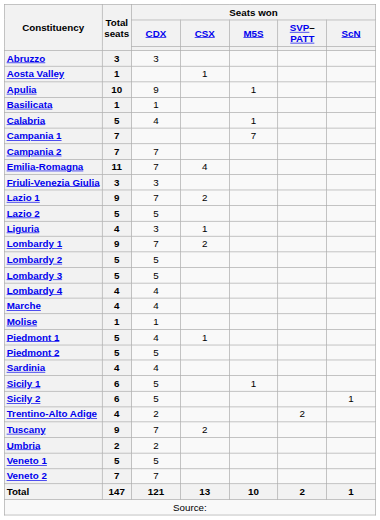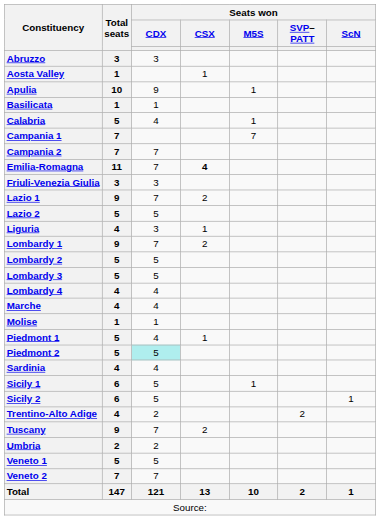 <table class="wikitable" style="text-align:center; font-size: 0.9em;">
 <tr>
 <th rowspan="3">Constituency</th>
 <th rowspan="3">Total<br>seats</th>
 <th colspan="5">Seats won</th>
 </tr>
 <tr>
 <th class="unsortable" style="width:65px;"><a href='#'>CDX</a></th>
 <th class="unsortable" style="width:65px;"><a href='#'>CSX</a></th>
 <th class="unsortable" style="width:65px;"><a href='#'>M5S</a></th>
 <th class="unsortable" style="width:65px;"><a href='#'>SVP</a>–<a href='#'>PATT</a></th>
 <th class="unsortable" style="width:65px;"><a href='#'>ScN</a></th>
 </tr>
 <tr>
 <th style="background:"></th>
 <th style="background:"></th>
 <th style="background:"></th>
 <th style="background:"></th>
 <th style="background:"></th>
 </tr>
 <tr>
 <th style="text-align: left;"><a href='#'>Abruzzo</a></th>
 <th>3</th>
 <td>3</td>
 <td></td>
 <td></td>
 <td></td>
 <td></td>
 </tr>
 <tr>
 <th style="text-align: left;"><a href='#'>Aosta Valley</a></th>
 <th>1</th>
 <td></td>
 <td>1</td>
 <td></td>
 <td></td>
 <td></td>
 </tr>
 <tr>
 <th style="text-align: left;"><a href='#'>Apulia</a></th>
 <th>10</th>
 <td>9</td>
 <td></td>
 <td>1</td>
 <td></td>
 <td></td>
 </tr>
 <tr>
 <th style="text-align: left;"><a href='#'>Basilicata</a></th>
 <th>1</th>
 <td>1</td>
 <td></td>
 <td></td>
 <td></td>
 <td></td>
 </tr>
 <tr>
 <th style="text-align: left;"><a href='#'>Calabria</a></th>
 <th>5</th>
 <td>4</td>
 <td></td>
 <td>1</td>
 <td></td>
 <td></td>
 </tr>
 <tr>
 <th style="text-align: left;"><a href='#'>Campania 1</a></th>
 <th>7</th>
 <td></td>
 <td></td>
 <td>7</td>
 <td></td>
 <td></td>
 </tr>
 <tr>
 <th style="text-align: left;"><a href='#'>Campania 2</a></th>
 <th>7</th>
 <td>7</td>
 <td></td>
 <td></td>
 <td></td>
 <td></td>
 </tr>
 <tr>
 <th style="text-align: left;"><a href='#'>Emilia-Romagna</a></th>
 <th>11</th>
 <td>7</td>
-<td>4</td>
+<td><strong>4</strong></td>
 <td></td>
 <td></td>
 <td></td>
 </tr>
 <tr>
 <th style="text-align: left;"><a href='#'>Friuli-Venezia Giulia</a></th>
 <th>3</th>
 <td>3</td>
 <td></td>
 <td></td>
 <td></td>
 <td></td>
 </tr>
 <tr>
 <th style="text-align: left;"><a href='#'>Lazio 1</a></th>
 <th>9</th>
 <td>7</td>
 <td>2</td>
 <td></td>
 <td></td>
 <td></td>
 </tr>
 <tr>
 <th style="text-align: left;"><a href='#'>Lazio 2</a></th>
 <th>5</th>
 <td>5</td>
 <td></td>
 <td></td>
 <td></td>
 <td></td>
 </tr>
 <tr>
 <th style="text-align: left;"><a href='#'>Liguria</a></th>
 <th>4</th>
 <td>3</td>
 <td>1</td>
 <td></td>
 <td></td>
 <td></td>
 </tr>
 <tr>
 <th style="text-align: left;"><a href='#'>Lombardy 1</a></th>
 <th>9</th>
 <td>7</td>
 <td>2</td>
 <td></td>
 <td></td>
 <td></td>
 </tr>
 <tr>
 <th style="text-align: left;"><a href='#'>Lombardy 2</a></th>
 <th>5</th>
 <td>5</td>
 <td></td>
 <td></td>
 <td></td>
 <td></td>
 </tr>
 <tr>
 <th style="text-align: left;"><a href='#'>Lombardy 3</a></th>
 <th>5</th>
 <td>5</td>
 <td></td>
 <td></td>
 <td></td>
 <td></td>
 </tr>
 <tr>
 <th style="text-align: left;"><a href='#'>Lombardy 4</a></th>
 <th>4</th>
 <td>4</td>
 <td></td>
 <td></td>
 <td></td>
 <td></td>
 </tr>
 <tr>
 <th style="text-align: left;"><a href='#'>Marche</a></th>
 <th>4</th>
 <td>4</td>
 <td></td>
 <td></td>
 <td></td>
 <td></td>
 </tr>
 <tr>
 <th style="text-align: left;"><a href='#'>Molise</a></th>
 <th>1</th>
 <td>1</td>
 <td></td>
 <td></td>
 <td></td>
 <td></td>
 </tr>
 <tr>
 <th style="text-align: left;"><a href='#'>Piedmont 1</a></th>
 <th>5</th>
 <td>4</td>
 <td>1</td>
 <td></td>
 <td></td>
 <td></td>
 </tr>
 <tr>
 <th style="text-align: left;"><a href='#'>Piedmont 2</a></th>
 <th>5</th>
-<td>5</td>
+<td style="background: paleturquoise;">5</td>
 <td></td>
 <td></td>
 <td></td>
 <td></td>
 </tr>
 <tr>
 <th style="text-align: left;"><a href='#'>Sardinia</a></th>
 <th>4</th>
 <td>4</td>
 <td></td>
 <td></td>
 <td></td>
 <td></td>
 </tr>
 <tr>
 <th style="text-align: left;"><a href='#'>Sicily 1</a></th>
 <th>6</th>
 <td>5</td>
 <td></td>
 <td>1</td>
 <td></td>
 <td></td>
 </tr>
 <tr>
 <th style="text-align: left;"><a href='#'>Sicily 2</a></th>
 <th>6</th>
 <td>5</td>
 <td></td>
 <td></td>
 <td></td>
 <td>1</td>
 </tr>
 <tr>
 <th style="text-align: left;"><a href='#'>Trentino-Alto Adige</a></th>
 <th>4</th>
 <td>2</td>
 <td></td>
 <td></td>
 <td>2</td>
 <td></td>
 </tr>
 <tr>
 <th style="text-align: left;"><a href='#'>Tuscany</a></th>
 <th>9</th>
 <td>7</td>
 <td>2</td>
 <td></td>
 <td></td>
 <td></td>
 </tr>
 <tr>
 <th style="text-align: left;"><a href='#'>Umbria</a></th>
 <th>2</th>
 <td>2</td>
 <td></td>
 <td></td>
 <td></td>
 <td></td>
 </tr>
 <tr>
 <th style="text-align: left;"><a href='#'>Veneto 1</a></th>
 <th>5</th>
 <td>5</td>
 <td></td>
 <td></td>
 <td></td>
 <td></td>
 </tr>
 <tr>
 <th style="text-align: left;"><a href='#'>Veneto 2</a></th>
 <th>7</th>
 <td>7</td>
 <td></td>
 <td></td>
 <td></td>
 <td></td>
 </tr>
 <tr>
 <th style="text-align: left;">Total</th>
 <th>147</th>
 <th>121</th>
 <th>13</th>
 <th>10</th>
 <th>2</th>
 <th>1</th>
 </tr>
 <tr>
 <td colspan="7">Source: </td>
 </tr>
 </table>
